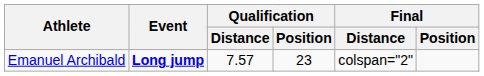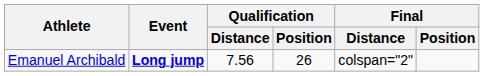 <table class="wikitable" style="font-size:90%">
 <tr>
 <th rowspan="2">Athlete</th>
 <th rowspan="2">Event</th>
 <th colspan="2">Qualification</th>
 <th colspan="2">Final</th>
 </tr>
 <tr>
 <th>Distance</th>
 <th>Position</th>
 <th>Distance</th>
 <th>Position</th>
 </tr>
 <tr style=text-align:center>
 <td style=text-align:left><a href='#'>Emanuel Archibald</a></td>
 <td style=text-align:left><strong><a href='#'>Long jump</a></strong></td>
-<td>7.57</td>
-<td>23</td>
+<td>7.56</td>
+<td>26</td>
 <td>colspan="2" </td>
 </tr>
 </table>
